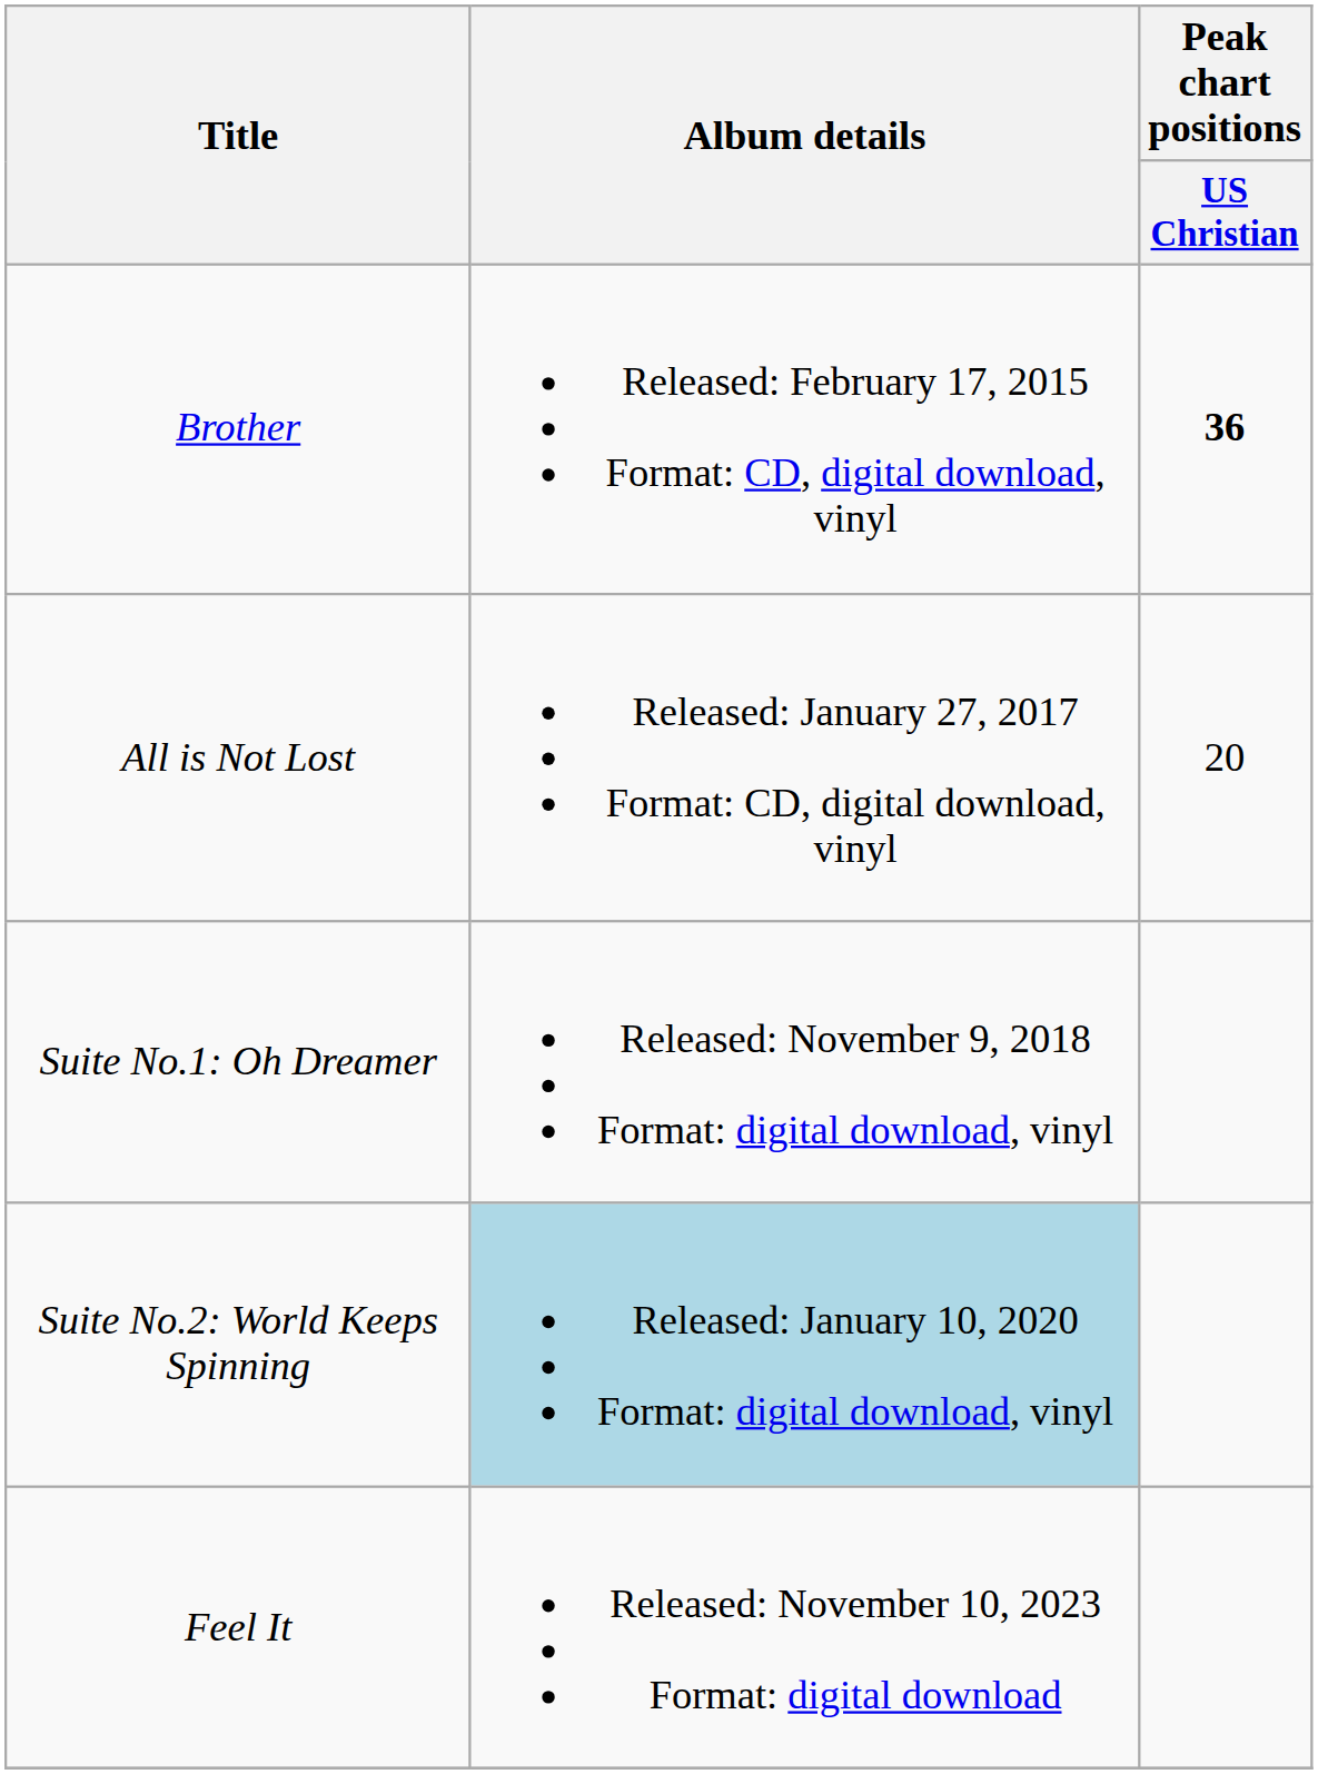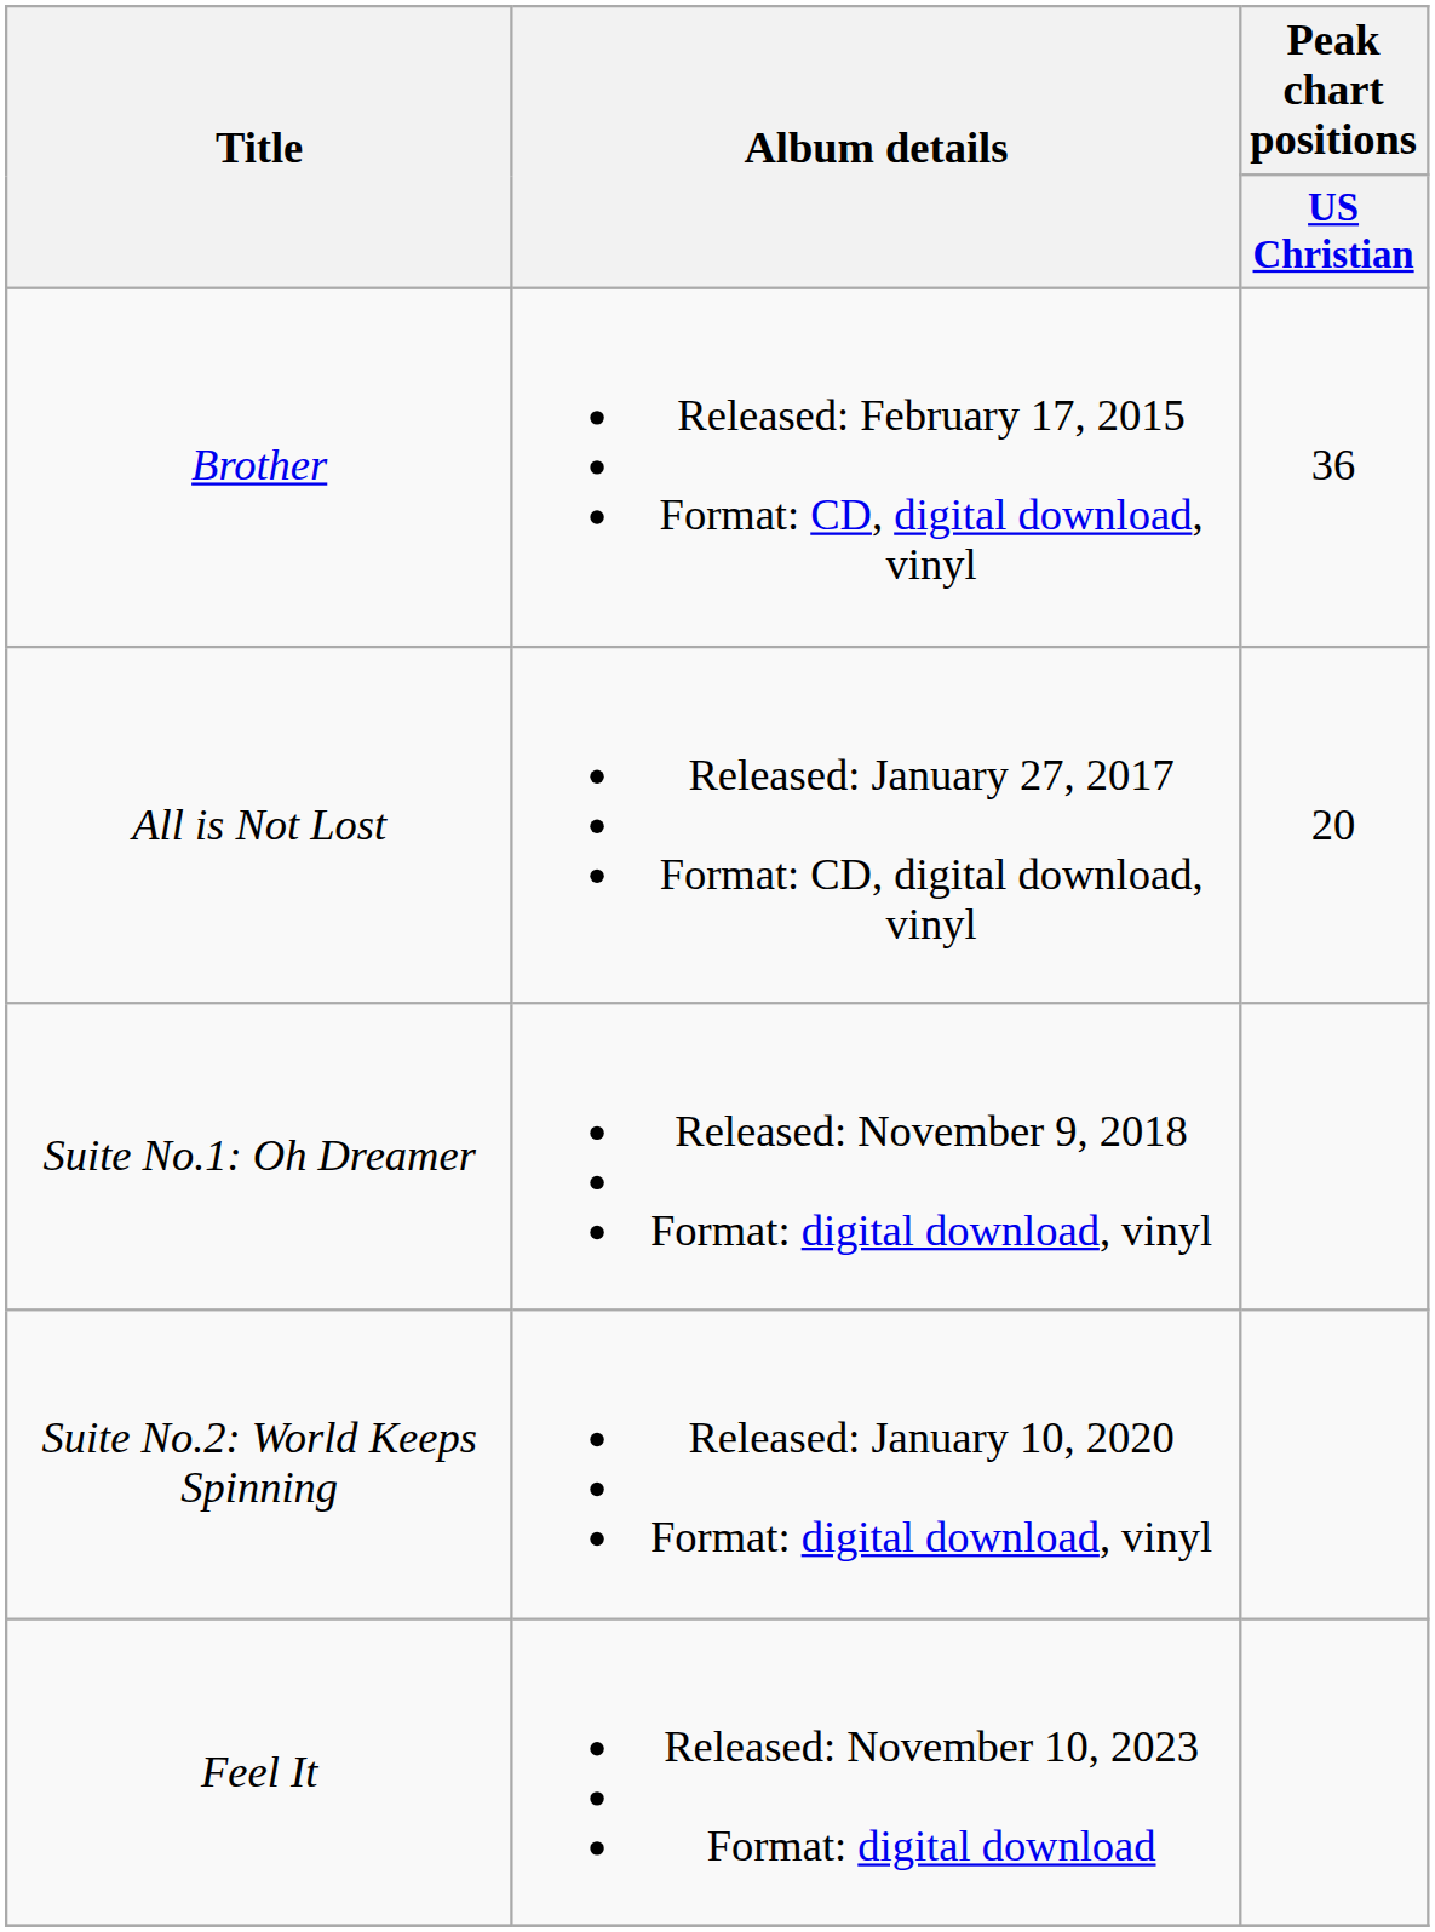 <table class="wikitable plainrowheaders" style="text-align:center;">
 <tr>
 <th scope="col" rowspan="2" style="width:11em;">Title</th>
 <th scope="col" rowspan="2" style="width:16em;">Album details</th>
 <th scope="col" colspan="1">Peak chart positions</th>
 </tr>
 <tr>
 <th style="width:3em; font-size:90%"><a href='#'>US<br>Christian</a><br></th>
 </tr>
 <tr>
 <td scope="row"><em><a href='#'>Brother</a></em></td>
 <td><br><ul><li>Released: February 17, 2015</li><li></li><li>Format: <a href='#'>CD</a>, <a href='#'>digital download</a>, vinyl</li></ul></td>
-<td><strong>36</strong></td>
+<td>36</td>
 </tr>
 <tr>
 <td><em>All is Not Lost</em></td>
 <td><br><ul><li>Released: January 27, 2017</li><li></li><li>Format: CD, digital download, vinyl</li></ul></td>
 <td>20</td>
 </tr>
 <tr>
 <td scope="row"><em>Suite No.1: Oh Dreamer</em></td>
 <td><br><ul><li>Released: November 9, 2018</li><li></li><li>Format: <a href='#'>digital download</a>, vinyl</li></ul></td>
 <td></td>
 </tr>
 <tr>
 <td scope="row"><em>Suite No.2: World Keeps Spinning</em></td>
-<td style="background: lightblue;"><br><ul><li>Released: January 10, 2020</li><li></li><li>Format: <a href='#'>digital download</a>, vinyl</li></ul></td>
+<td><br><ul><li>Released: January 10, 2020</li><li></li><li>Format: <a href='#'>digital download</a>, vinyl</li></ul></td>
 <td></td>
 </tr>
 <tr>
 <td scope="row"><em>Feel It</em></td>
 <td><br><ul><li>Released: November 10, 2023</li><li></li><li>Format: <a href='#'>digital download</a></li></ul></td>
 <td></td>
 </tr>
 <tr>
 </tr>
 </table>
